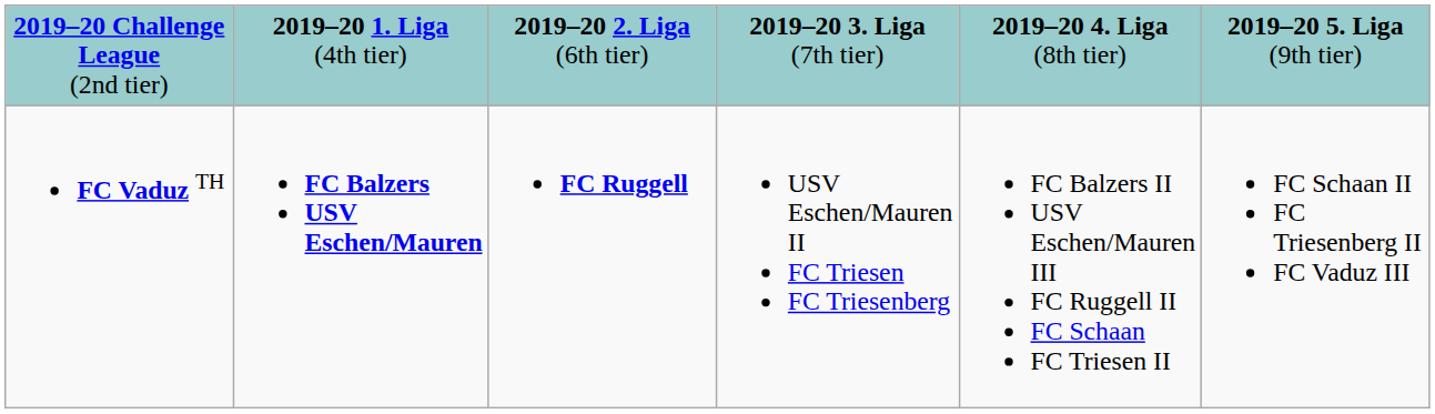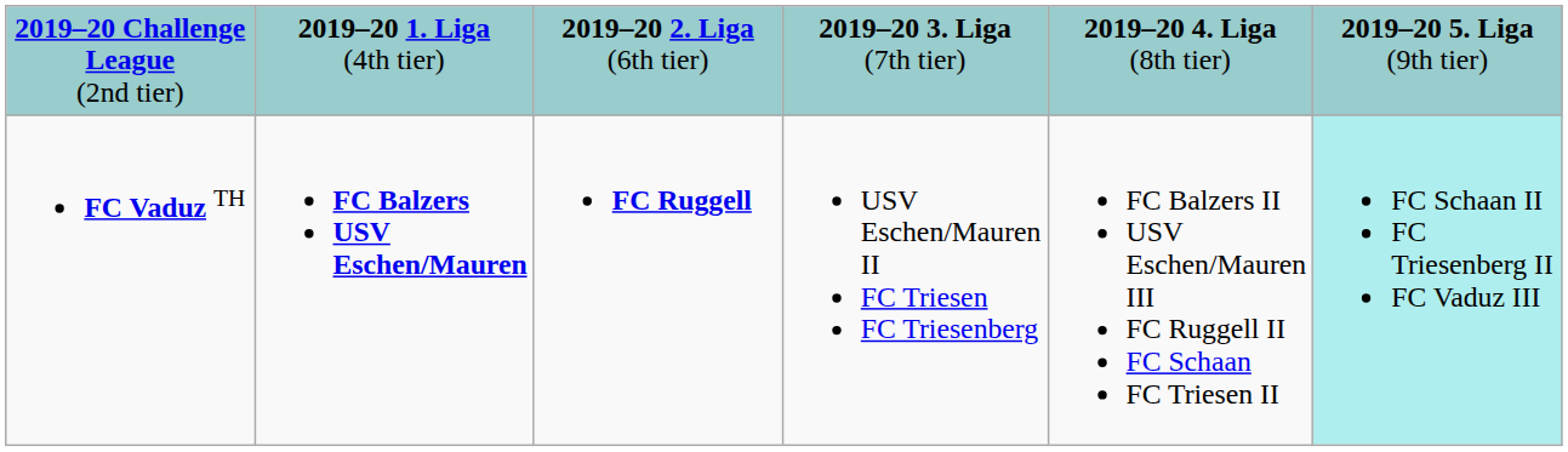 <table class="wikitable">
 <tr valign="top" bgcolor="#99CCCC">
 <td align="center" width="16%"><strong><a href='#'>2019–20 Challenge League</a></strong><br>(2nd tier)</td>
 <td align="center" width="16%"><strong>2019–20 <a href='#'>1. Liga</a></strong><br>(4th tier)</td>
 <td align="center" width="16%"><strong>2019–20 <a href='#'>2. Liga</a></strong><br>(6th tier)</td>
 <td align="center" width="16%"><strong>2019–20 3. Liga</strong><br>(7th tier)</td>
 <td align="center" width="16%"><strong>2019–20 4. Liga</strong><br>(8th tier)</td>
 <td align="center" width="16%"><strong>2019–20 5. Liga</strong><br>(9th tier)</td>
 </tr>
 <tr valign="top">
 <td><br><ul><li><strong><a href='#'>FC Vaduz</a></strong> <sup>TH</sup></li></ul></td>
 <td><br><ul><li><strong><a href='#'>FC Balzers</a></strong></li><li><strong><a href='#'>USV Eschen/Mauren</a></strong></li></ul></td>
 <td><br><ul><li><strong><a href='#'>FC Ruggell</a></strong></li></ul></td>
 <td><br><ul><li>USV Eschen/Mauren II</li><li><a href='#'>FC Triesen</a></li><li><a href='#'>FC Triesenberg</a></li></ul></td>
 <td><br><ul><li>FC Balzers II</li><li>USV Eschen/Mauren III</li><li>FC Ruggell II</li><li><a href='#'>FC Schaan</a></li><li>FC Triesen II</li></ul></td>
-<td><br><ul><li>FC Schaan II</li><li>FC Triesenberg II</li><li>FC Vaduz III</li></ul></td>
+<td style="background: paleturquoise;"><br><ul><li>FC Schaan II</li><li>FC Triesenberg II</li><li>FC Vaduz III</li></ul></td>
 </tr>
 </table>
